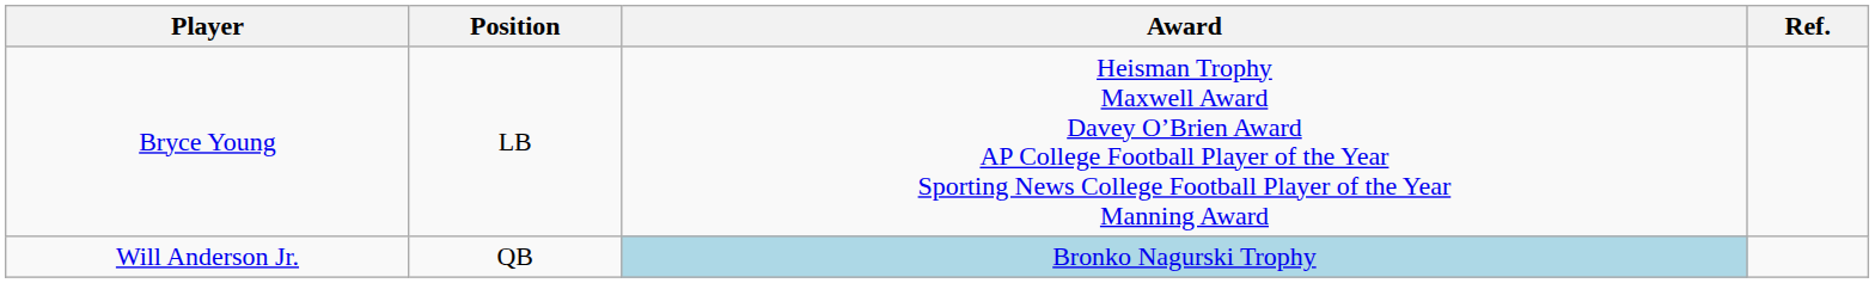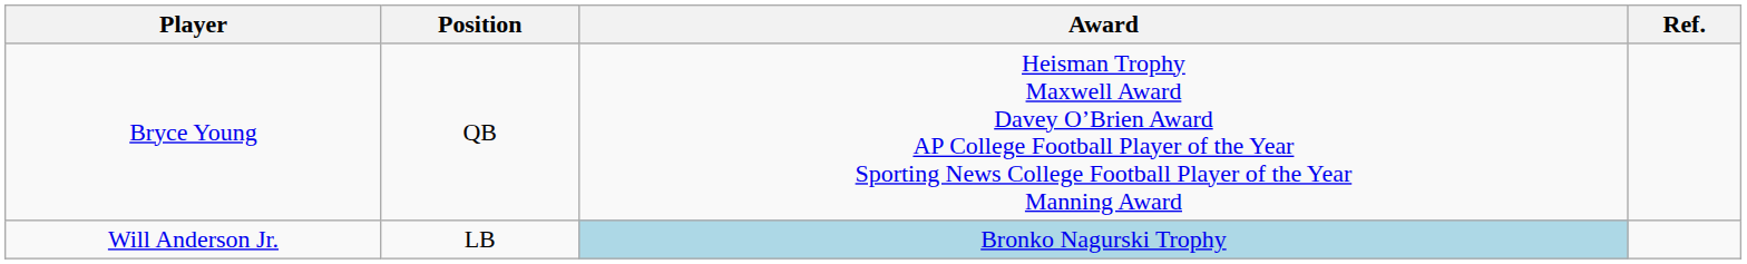 <table class="wikitable" style="width: 90%;text-align: center;">
 <tr>
 <th>Player</th>
 <th>Position</th>
 <th>Award</th>
 <th>Ref.</th>
 </tr>
 <tr align="center">
 <td><a href='#'>Bryce Young</a></td>
-<td>LB</td>
+<td>QB</td>
 <td><a href='#'>Heisman Trophy</a> <br> <a href='#'>Maxwell Award</a> <br> <a href='#'>Davey O’Brien Award</a> <br> <a href='#'>AP College Football Player of the Year</a> <br> <a href='#'>Sporting News College Football Player of the Year</a> <br> <a href='#'>Manning Award</a></td>
 <td></td>
 </tr>
 <tr>
 <td><a href='#'>Will Anderson Jr.</a></td>
-<td>QB</td>
+<td>LB</td>
 <td style="background: lightblue;"><a href='#'>Bronko Nagurski Trophy</a></td>
 <td></td>
 </tr>
 </table>
